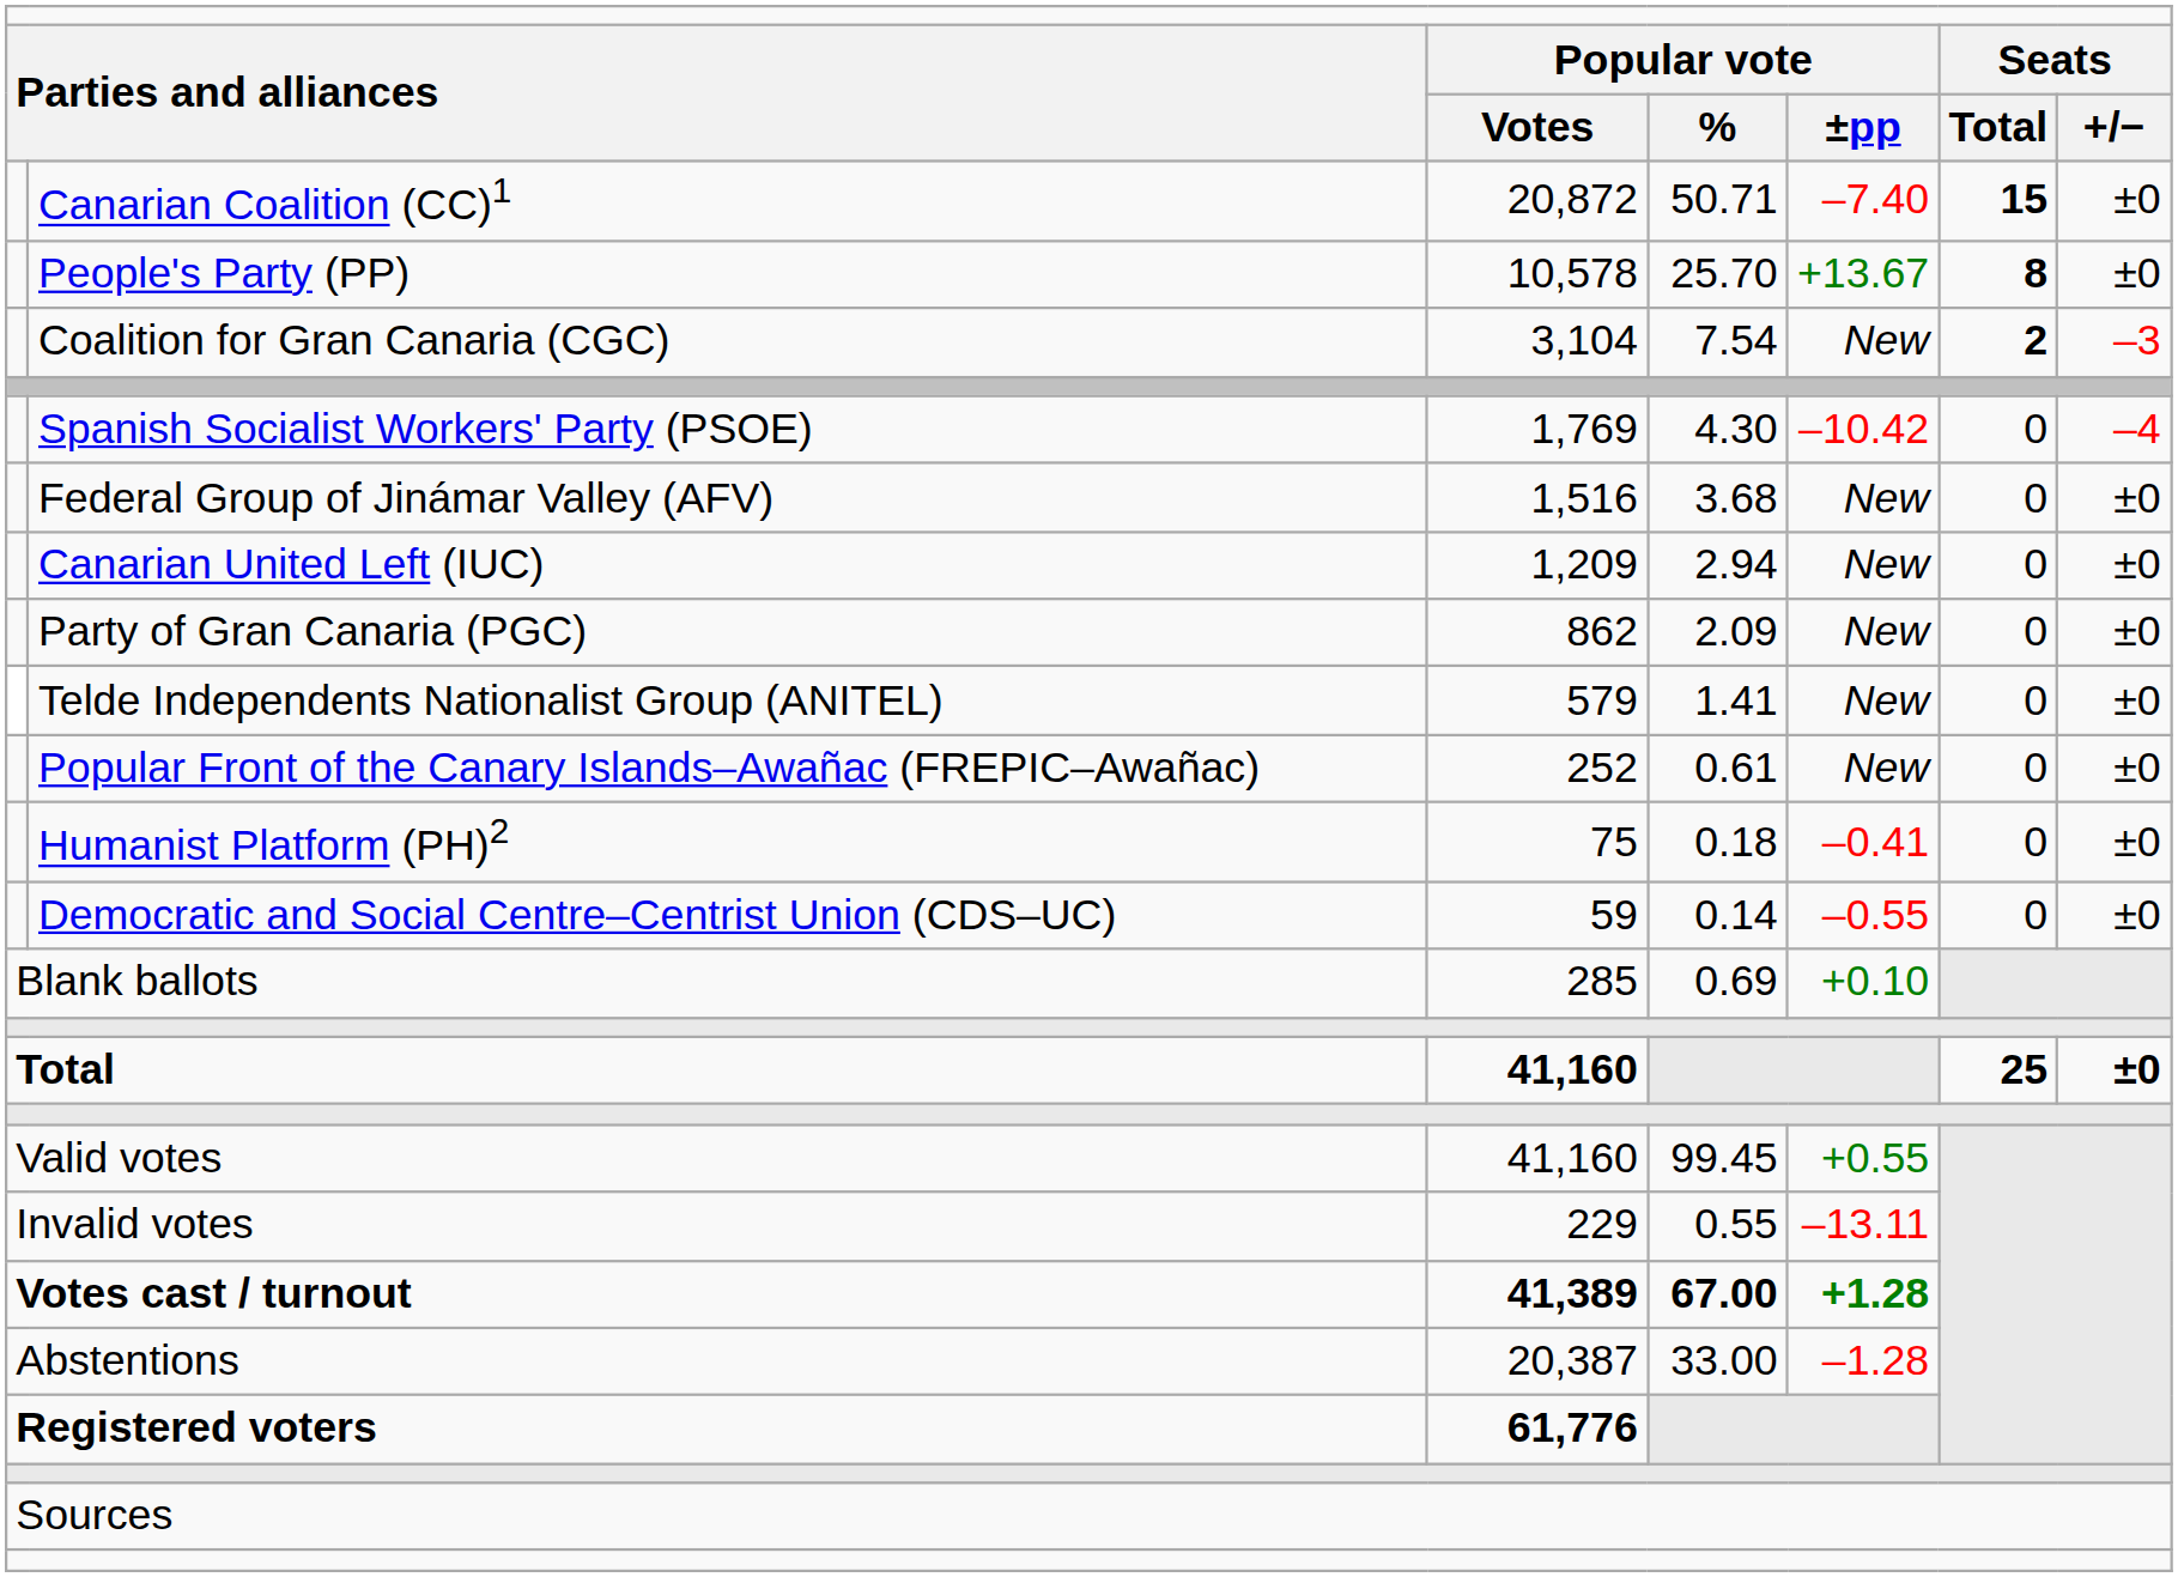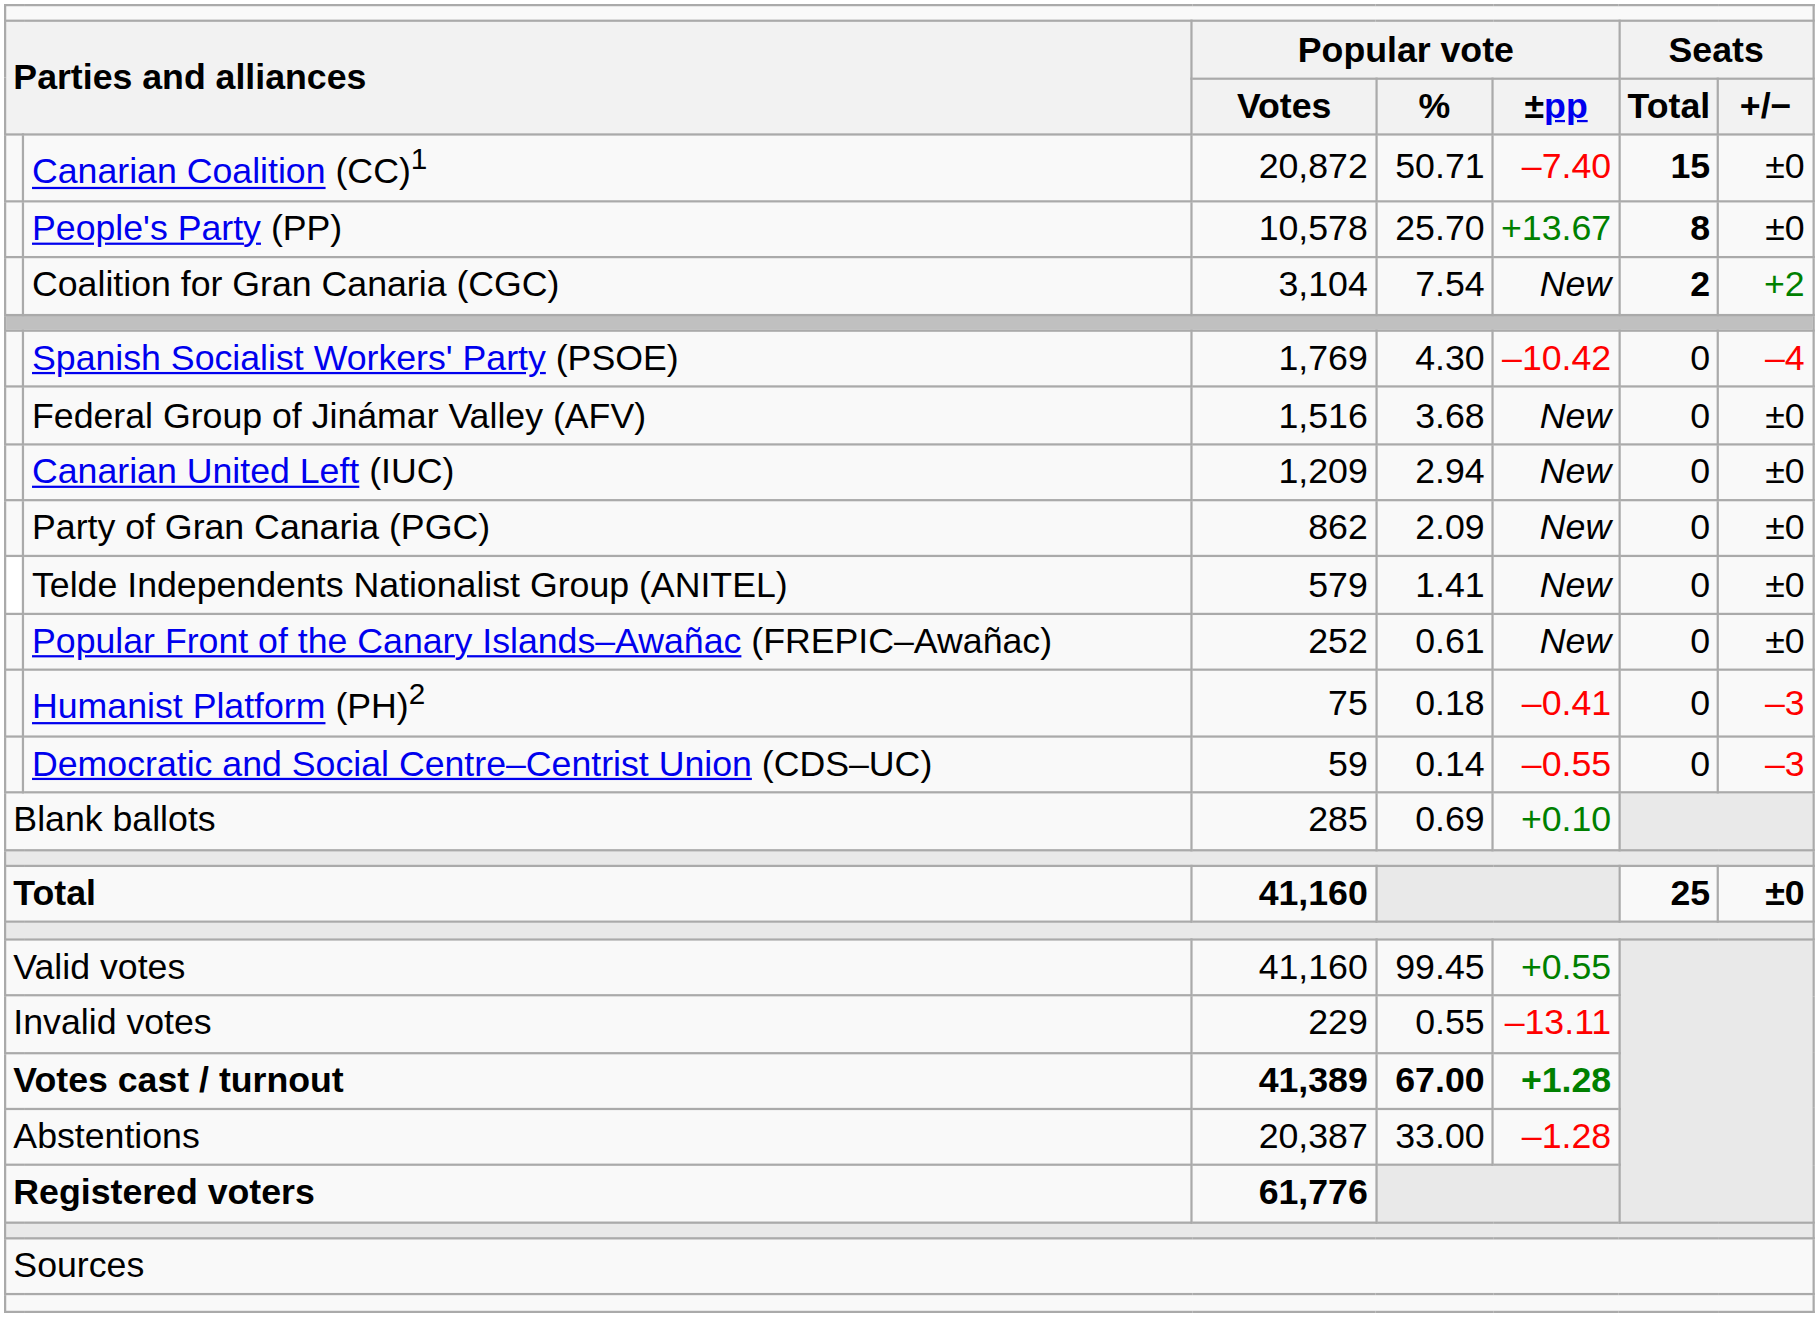 <table class="wikitable" style="text-align:right;">
 <tr>
 <td colspan="7"></td>
 </tr>
 <tr>
 <th style="text-align:left;" rowspan="2" colspan="2" width="525">Parties and alliances</th>
 <th colspan="3">Popular vote</th>
 <th colspan="2">Seats</th>
 </tr>
 <tr>
 <th width="75">Votes</th>
 <th width="45">%</th>
 <th width="45">±<a href='#'>pp</a></th>
 <th width="35">Total</th>
 <th width="35">+/−</th>
 </tr>
 <tr>
 <td width="1" style="color:inherit;background:"></td>
 <td align="left"><a href='#'>Canarian Coalition</a> (CC)<sup>1</sup></td>
 <td>20,872</td>
 <td>50.71</td>
 <td style="color:red;">–7.40</td>
 <td><strong>15</strong></td>
 <td>±0</td>
 </tr>
 <tr>
 <td style="color:inherit;background:"></td>
 <td align="left"><a href='#'>People's Party</a> (PP)</td>
 <td>10,578</td>
 <td>25.70</td>
 <td style="color:green;">+13.67</td>
 <td><strong>8</strong></td>
 <td>±0</td>
 </tr>
 <tr>
 <td style="color:inherit;background:"></td>
 <td align="left">Coalition for Gran Canaria (CGC)</td>
 <td>3,104</td>
 <td>7.54</td>
 <td><em>New</em></td>
 <td><strong>2</strong></td>
-<td style="color:red;">–3</td>
+<td style="color:green;">+2</td>
 </tr>
 <tr>
 <td colspan="7" style="color:inherit;background:#C0C0C0"></td>
 </tr>
 <tr>
 <td style="color:inherit;background:"></td>
 <td align="left"><a href='#'>Spanish Socialist Workers' Party</a> (PSOE)</td>
 <td>1,769</td>
 <td>4.30</td>
 <td style="color:red;">–10.42</td>
 <td>0</td>
 <td style="color:red;">–4</td>
 </tr>
 <tr>
 <td style="color:inherit;background:"></td>
 <td align="left">Federal Group of Jinámar Valley (AFV)</td>
 <td>1,516</td>
 <td>3.68</td>
 <td><em>New</em></td>
 <td>0</td>
 <td>±0</td>
 </tr>
 <tr>
 <td style="color:inherit;background:"></td>
 <td align="left"><a href='#'>Canarian United Left</a> (IUC)</td>
 <td>1,209</td>
 <td>2.94</td>
 <td><em>New</em></td>
 <td>0</td>
 <td>±0</td>
 </tr>
 <tr>
 <td style="color:inherit;background:"></td>
 <td align="left">Party of Gran Canaria (PGC)</td>
 <td>862</td>
 <td>2.09</td>
 <td><em>New</em></td>
 <td>0</td>
 <td>±0</td>
 </tr>
 <tr>
 <td bgcolor="white"></td>
 <td align="left">Telde Independents Nationalist Group (ANITEL)</td>
 <td>579</td>
 <td>1.41</td>
 <td><em>New</em></td>
 <td>0</td>
 <td>±0</td>
 </tr>
 <tr>
 <td style="color:inherit;background:"></td>
 <td align="left"><a href='#'>Popular Front of the Canary Islands–Awañac</a> (FREPIC–Awañac)</td>
 <td>252</td>
 <td>0.61</td>
 <td><em>New</em></td>
 <td>0</td>
 <td>±0</td>
 </tr>
 <tr>
 <td style="color:inherit;background:"></td>
 <td align="left"><a href='#'>Humanist Platform</a> (PH)<sup>2</sup></td>
 <td>75</td>
 <td>0.18</td>
 <td style="color:red;">–0.41</td>
 <td>0</td>
-<td>±0</td>
+<td style="color:red;">–3</td>
 </tr>
 <tr>
 <td style="color:inherit;background:"></td>
 <td align="left"><a href='#'>Democratic and Social Centre–Centrist Union</a> (CDS–UC)</td>
 <td>59</td>
 <td>0.14</td>
 <td style="color:red;">–0.55</td>
 <td>0</td>
-<td>±0</td>
+<td style="color:red;">–3</td>
 </tr>
 <tr>
 <td align="left" colspan="2">Blank ballots</td>
 <td>285</td>
 <td>0.69</td>
 <td style="color:green;">+0.10</td>
 <td style="color:inherit;background:#E9E9E9" colspan="2"></td>
 </tr>
 <tr>
 <td colspan="7" style="color:inherit;background:#E9E9E9"></td>
 </tr>
 <tr style="font-weight:bold;">
 <td align="left" colspan="2">Total</td>
 <td>41,160</td>
 <td bgcolor="#E9E9E9" colspan="2"></td>
 <td>25</td>
 <td>±0</td>
 </tr>
 <tr>
 <td colspan="7" style="color:inherit;background:#E9E9E9"></td>
 </tr>
 <tr>
 <td align="left" colspan="2">Valid votes</td>
 <td>41,160</td>
 <td>99.45</td>
 <td style="color:green;">+0.55</td>
 <td bgcolor="#E9E9E9" colspan="2" rowspan="5"></td>
 </tr>
 <tr>
 <td align="left" colspan="2">Invalid votes</td>
 <td>229</td>
 <td>0.55</td>
 <td style="color:red;">–13.11</td>
 </tr>
 <tr style="font-weight:bold;">
 <td align="left" colspan="2">Votes cast / turnout</td>
 <td>41,389</td>
 <td>67.00</td>
 <td style="color:green;">+1.28</td>
 </tr>
 <tr>
 <td align="left" colspan="2">Abstentions</td>
 <td>20,387</td>
 <td>33.00</td>
 <td style="color:red;">–1.28</td>
 </tr>
 <tr style="font-weight:bold;">
 <td align="left" colspan="2">Registered voters</td>
 <td>61,776</td>
 <td bgcolor="#E9E9E9" colspan="2"></td>
 </tr>
 <tr>
 <td colspan="7" style="color:inherit;background:#E9E9E9"></td>
 </tr>
 <tr>
 <td align="left" colspan="7">Sources</td>
 </tr>
 <tr>
 <td colspan="7" style="text-align:left; max-width:790px;"></td>
 </tr>
 </table>
